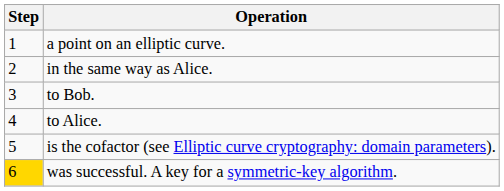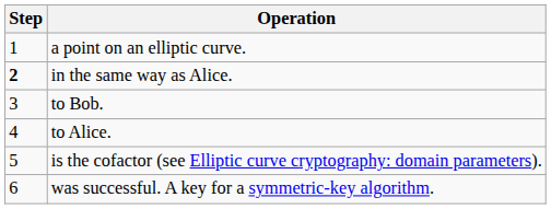 <table class="wikitable">
 <tr>
 <th>Step</th>
 <th>Operation</th>
 </tr>
 <tr>
 <td>1</td>
 <td> a point on an elliptic curve.</td>
 </tr>
 <tr>
-<td>2</td>
+<td><strong>2</strong></td>
 <td> in the same way as Alice.</td>
 </tr>
 <tr>
 <td>3</td>
 <td> to Bob.</td>
 </tr>
 <tr>
 <td>4</td>
 <td> to Alice.</td>
 </tr>
 <tr>
 <td>5</td>
 <td> is the cofactor (see <a href='#'>Elliptic curve cryptography: domain parameters</a>).</td>
 </tr>
 <tr>
-<td style="background: gold;">6</td>
+<td>6</td>
 <td> was successful. A key for a <a href='#'>symmetric-key algorithm</a>.</td>
 </tr>
 </table>
